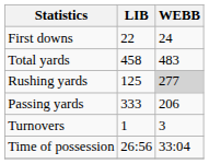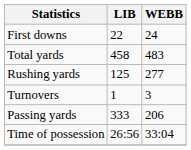 <table class="wikitable">
 <tr>
 <th>Statistics</th>
 <th>LIB</th>
 <th>WEBB</th>
 </tr>
 <tr>
 <td>First downs</td>
 <td>22</td>
 <td>24</td>
 </tr>
 <tr>
 <td>Total yards</td>
 <td>458</td>
 <td>483</td>
 </tr>
 <tr>
 <td>Rushing yards</td>
 <td>125</td>
-<td style="background: lightgrey;">277</td>
+<td>277</td>
+</tr>
+<tr>
+<td>Turnovers</td>
+<td>1</td>
+<td>3</td>
 </tr>
 <tr>
 <td>Passing yards</td>
 <td>333</td>
 <td>206</td>
-</tr>
-<tr>
-<td>Turnovers</td>
-<td>1</td>
-<td>3</td>
 </tr>
 <tr>
 <td>Time of possession</td>
 <td>26:56</td>
 <td>33:04</td>
 </tr>
 <tr>
 </tr>
 </table>
